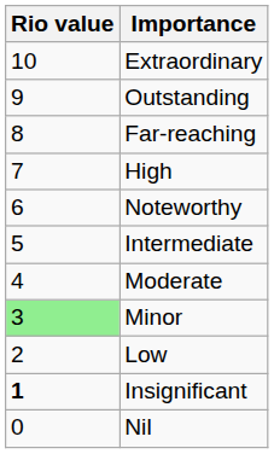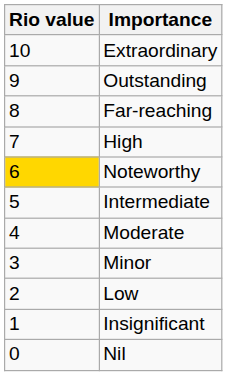 <table class="wikitable">
 <tr>
 <th>Rio value</th>
 <th>Importance</th>
 </tr>
 <tr>
 <td>10</td>
 <td>Extraordinary</td>
 </tr>
 <tr>
 <td>9</td>
 <td>Outstanding</td>
 </tr>
 <tr>
 <td>8</td>
 <td>Far-reaching</td>
 </tr>
 <tr>
 <td>7</td>
 <td>High</td>
 </tr>
 <tr>
-<td>6</td>
+<td style="background: gold;">6</td>
 <td>Noteworthy</td>
 </tr>
 <tr>
 <td>5</td>
 <td>Intermediate</td>
 </tr>
 <tr>
 <td>4</td>
 <td>Moderate</td>
 </tr>
 <tr>
-<td style="background: lightgreen;">3</td>
+<td>3</td>
 <td>Minor</td>
 </tr>
 <tr>
 <td>2</td>
 <td>Low</td>
 </tr>
 <tr>
-<td><strong>1</strong></td>
+<td>1</td>
 <td>Insignificant</td>
 </tr>
 <tr>
 <td>0</td>
 <td>Nil</td>
 </tr>
 </table>
